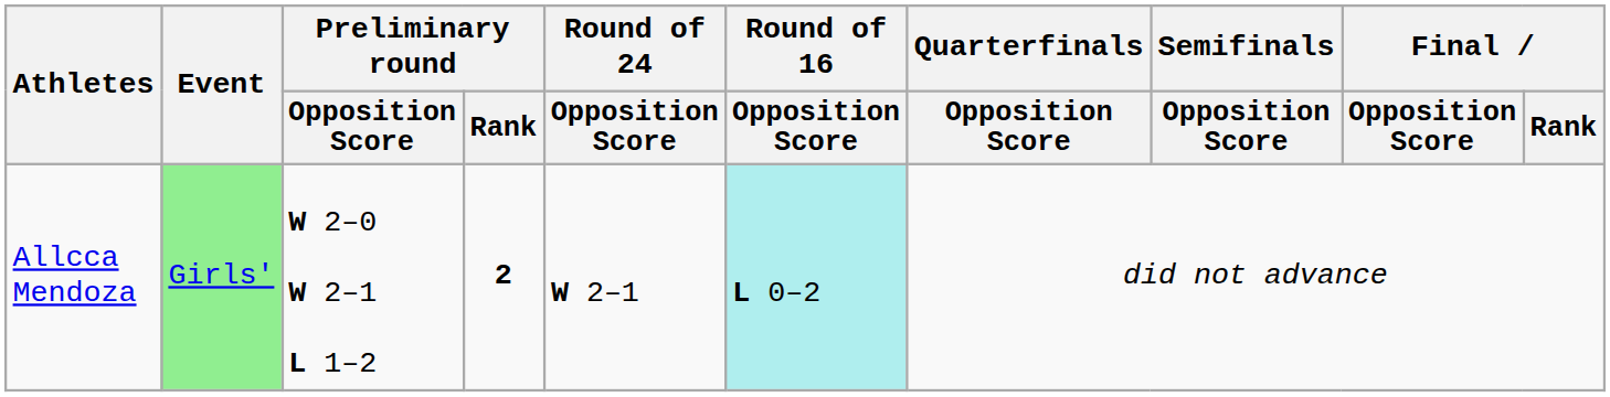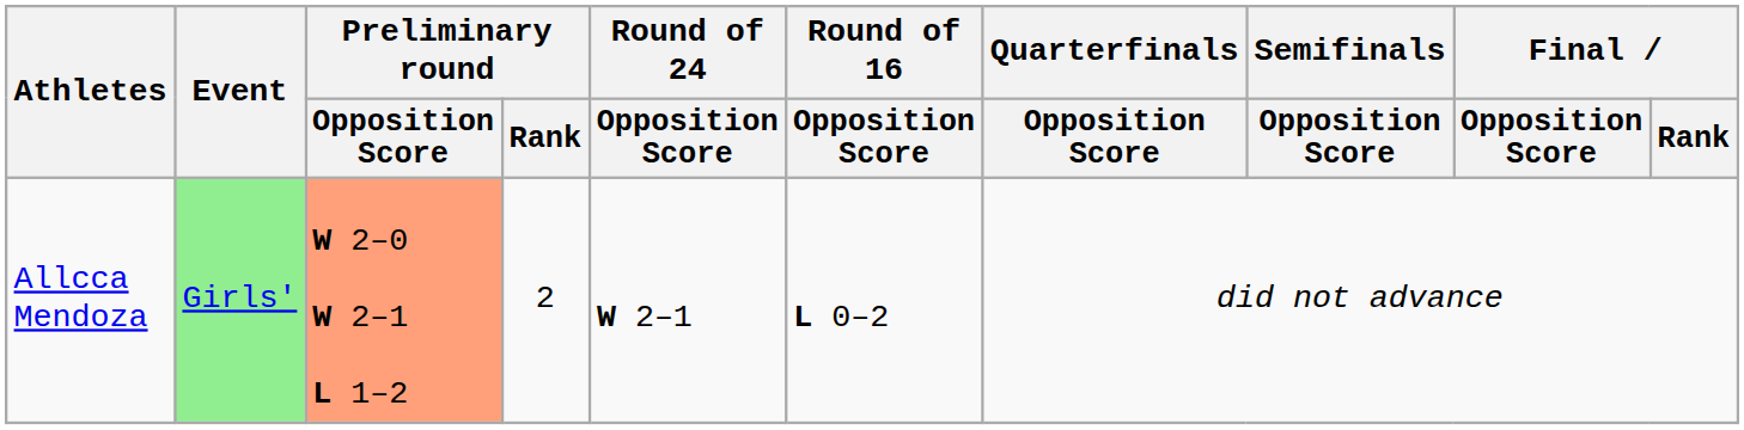 <table class=wikitable style="font-size:90%">
 <tr>
 <th rowspan=2>Athletes</th>
 <th rowspan=2>Event</th>
 <th colspan=2>Preliminary round</th>
 <th>Round of 24</th>
 <th>Round of 16</th>
 <th>Quarterfinals</th>
 <th>Semifinals</th>
 <th colspan=2>Final / </th>
 </tr>
 <tr style="font-size:95%">
 <th>Opposition<br>Score</th>
 <th>Rank</th>
 <th>Opposition<br>Score</th>
 <th>Opposition<br>Score</th>
 <th>Opposition<br>Score</th>
 <th>Opposition<br>Score</th>
 <th>Opposition<br>Score</th>
 <th>Rank</th>
 </tr>
 <tr align=center>
 <td align=left><a href='#'>Allcca</a><br><a href='#'>Mendoza</a></td>
 <td align=left style="background: lightgreen;"><a href='#'>Girls'</a></td>
-<td align=left><br> <strong>W</strong> 2–0<br><br> <strong>W</strong> 2–1<br><br> <strong>L</strong> 1–2</td>
-<td><strong>2</strong></td>
+<td align=left style="background: lightsalmon;"><br> <strong>W</strong> 2–0<br><br> <strong>W</strong> 2–1<br><br> <strong>L</strong> 1–2</td>
+<td>2</td>
 <td align=left><br> <strong>W</strong> 2–1</td>
-<td align=left style="background: paleturquoise;"><br> <strong>L</strong> 0–2</td>
+<td align=left><br> <strong>L</strong> 0–2</td>
 <td Colspan=4><em>did not advance</em></td>
 </tr>
 </table>
